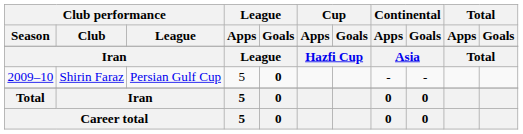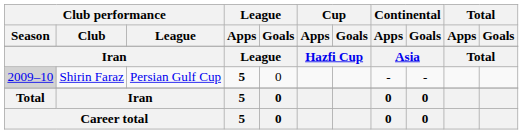 <table class="wikitable" style="text-align:center">
 <tr>
 <th colspan=3>Club performance</th>
 <th colspan=2>League</th>
 <th colspan=2>Cup</th>
 <th colspan=2>Continental</th>
 <th colspan=2>Total</th>
 </tr>
 <tr>
 <th>Season</th>
 <th>Club</th>
 <th>League</th>
 <th>Apps</th>
 <th>Goals</th>
 <th>Apps</th>
 <th>Goals</th>
 <th>Apps</th>
 <th>Goals</th>
 <th>Apps</th>
 <th>Goals</th>
 </tr>
 <tr>
 </tr>
 <tr>
 <th colspan=3>Iran</th>
 <th colspan=2>League</th>
 <th colspan=2><a href='#'>Hazfi Cup</a></th>
 <th colspan=2><a href='#'>Asia</a></th>
 <th colspan=2>Total</th>
 </tr>
 <tr>
-<td><a href='#'>2009–10</a></td>
+<td style="background: lightgrey;"><a href='#'>2009–10</a></td>
 <td rowspan="1"><a href='#'>Shirin Faraz</a></td>
 <td rowspan="1"><a href='#'>Persian Gulf Cup</a></td>
-<td>5</td>
-<td><strong>0</strong></td>
+<td><strong>5</strong></td>
+<td>0</td>
 <td></td>
 <td></td>
 <td>-</td>
 <td>-</td>
 <td></td>
 <td></td>
 </tr>
 <tr>
 </tr>
 <tr>
 <th rowspan=1>Total</th>
 <th colspan=2>Iran</th>
 <th>5</th>
 <th>0</th>
 <th></th>
 <th></th>
 <th>0</th>
 <th>0</th>
 <th></th>
 <th></th>
 </tr>
 <tr>
 <th colspan=3>Career total</th>
 <th>5</th>
 <th>0</th>
 <th></th>
 <th></th>
 <th>0</th>
 <th>0</th>
 <th></th>
 <th></th>
 </tr>
 </table>
